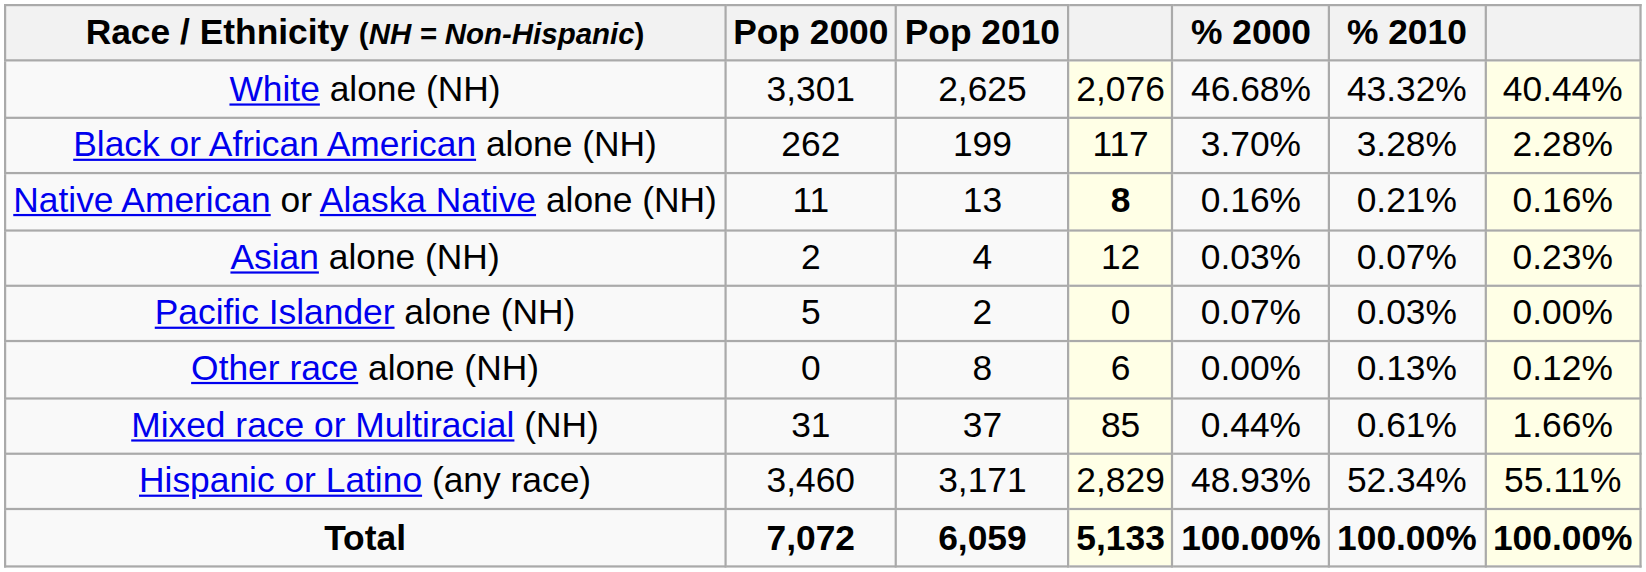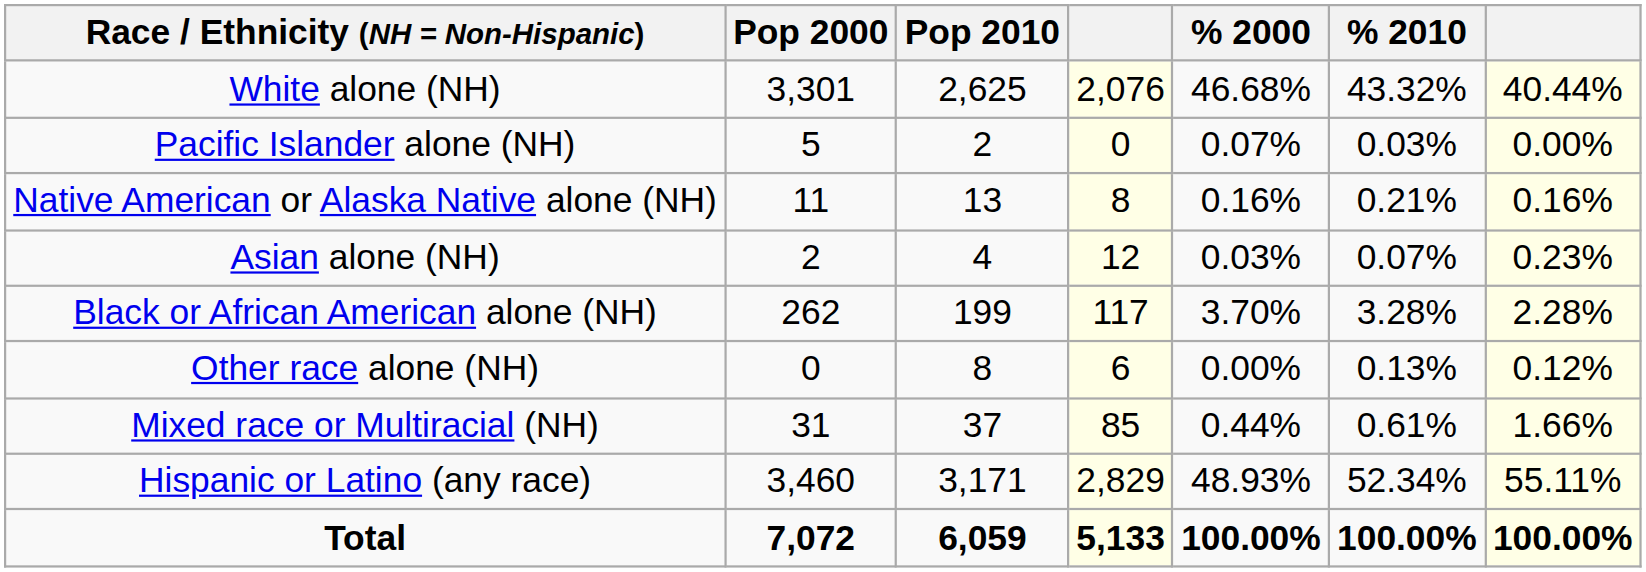 <table class="wikitable" style="text-align:center;">
 <tr>
 <th>Race / Ethnicity <small>(<em>NH = Non-Hispanic</em>)</small></th>
 <th>Pop 2000</th>
 <th>Pop 2010</th>
 <th></th>
 <th>% 2000</th>
 <th>% 2010</th>
 <th></th>
 </tr>
 <tr>
 <td><a href='#'>White</a> alone (NH)</td>
 <td>3,301</td>
 <td>2,625</td>
 <td style='background: #ffffe6;'>2,076</td>
 <td>46.68%</td>
 <td>43.32%</td>
 <td style='background: #ffffe6;'>40.44%</td>
 </tr>
 <tr>
-<td><a href='#'>Black or African American</a> alone (NH)</td>
-<td>262</td>
-<td>199</td>
-<td style='background: #ffffe6;'>117</td>
-<td>3.70%</td>
-<td>3.28%</td>
-<td style='background: #ffffe6;'>2.28%</td>
+<td><a href='#'>Pacific Islander</a> alone (NH)</td>
+<td>5</td>
+<td>2</td>
+<td style='background: #ffffe6;'>0</td>
+<td>0.07%</td>
+<td>0.03%</td>
+<td style='background: #ffffe6;'>0.00%</td>
 </tr>
 <tr>
 <td><a href='#'>Native American</a> or <a href='#'>Alaska Native</a> alone (NH)</td>
 <td>11</td>
 <td>13</td>
-<td style='background: #ffffe6;'><strong>8</strong></td>
+<td style='background: #ffffe6;'>8</td>
 <td>0.16%</td>
 <td>0.21%</td>
 <td style='background: #ffffe6;'>0.16%</td>
 </tr>
 <tr>
 <td><a href='#'>Asian</a> alone (NH)</td>
 <td>2</td>
 <td>4</td>
 <td style='background: #ffffe6;'>12</td>
 <td>0.03%</td>
 <td>0.07%</td>
 <td style='background: #ffffe6;'>0.23%</td>
 </tr>
 <tr>
-<td><a href='#'>Pacific Islander</a> alone (NH)</td>
-<td>5</td>
-<td>2</td>
-<td style='background: #ffffe6;'>0</td>
-<td>0.07%</td>
-<td>0.03%</td>
-<td style='background: #ffffe6;'>0.00%</td>
+<td><a href='#'>Black or African American</a> alone (NH)</td>
+<td>262</td>
+<td>199</td>
+<td style='background: #ffffe6;'>117</td>
+<td>3.70%</td>
+<td>3.28%</td>
+<td style='background: #ffffe6;'>2.28%</td>
 </tr>
 <tr>
 <td><a href='#'>Other race</a> alone (NH)</td>
 <td>0</td>
 <td>8</td>
 <td style='background: #ffffe6;'>6</td>
 <td>0.00%</td>
 <td>0.13%</td>
 <td style='background: #ffffe6;'>0.12%</td>
 </tr>
 <tr>
 <td><a href='#'>Mixed race or Multiracial</a> (NH)</td>
 <td>31</td>
 <td>37</td>
 <td style='background: #ffffe6;'>85</td>
 <td>0.44%</td>
 <td>0.61%</td>
 <td style='background: #ffffe6;'>1.66%</td>
 </tr>
 <tr>
 <td><a href='#'>Hispanic or Latino</a> (any race)</td>
 <td>3,460</td>
 <td>3,171</td>
 <td style='background: #ffffe6;'>2,829</td>
 <td>48.93%</td>
 <td>52.34%</td>
 <td style='background: #ffffe6;'>55.11%</td>
 </tr>
 <tr>
 <td><strong>Total</strong></td>
 <td><strong>7,072</strong></td>
 <td><strong>6,059</strong></td>
 <td style='background: #ffffe6;'><strong>5,133</strong></td>
 <td><strong>100.00%</strong></td>
 <td><strong>100.00%</strong></td>
 <td style='background: #ffffe6;'><strong>100.00%</strong></td>
 </tr>
 </table>
